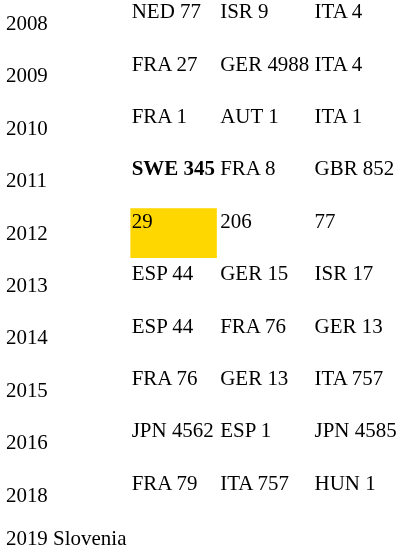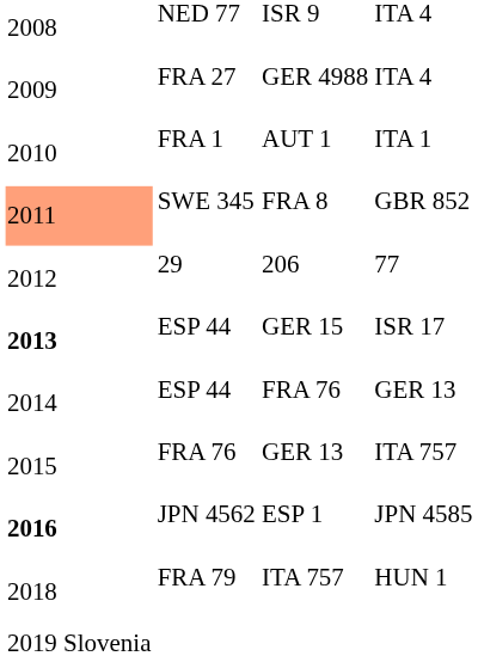 <table>
 <tr>
 <td>2008</td>
 <td>NED 77<br><br></td>
 <td>ISR 9<br><br></td>
 <td>ITA 4<br><br></td>
 </tr>
 <tr>
 <td>2009</td>
 <td>FRA 27<br><br></td>
 <td>GER 4988<br><br></td>
 <td>ITA 4<br><br></td>
 </tr>
 <tr>
 <td>2010</td>
 <td>FRA 1<br><br></td>
 <td>AUT 1<br><br></td>
 <td>ITA 1<br><br></td>
 </tr>
 <tr>
-<td>2011</td>
-<td><strong>SWE 345<br><br></strong></td>
+<td style="background: lightsalmon;">2011</td>
+<td>SWE 345<br><br></td>
 <td>FRA 8<br><br></td>
 <td>GBR 852<br><br></td>
 </tr>
 <tr>
 <td>2012</td>
-<td style="background: gold;">29<br><br></td>
+<td>29<br><br></td>
 <td>206<br><br></td>
 <td>77<br><br></td>
 <td></td>
 </tr>
 <tr>
-<td>2013</td>
+<td><strong>2013</strong></td>
 <td>ESP 44<br><br></td>
 <td>GER 15<br><br></td>
 <td>ISR 17<br><br></td>
 </tr>
 <tr>
 <td>2014</td>
 <td>ESP 44<br><br></td>
 <td>FRA 76<br><br></td>
 <td>GER 13<br><br></td>
 </tr>
 <tr>
 <td>2015</td>
 <td>FRA 76<br><br></td>
 <td>GER 13<br><br></td>
 <td>ITA 757<br><br></td>
 </tr>
 <tr>
-<td>2016</td>
+<td><strong>2016</strong></td>
 <td>JPN 4562<br><br></td>
 <td>ESP 1<br><br></td>
 <td>JPN 4585<br><br></td>
 <td></td>
 </tr>
 <tr>
 <td>2018</td>
 <td>FRA 79<br><br></td>
 <td>ITA 757<br><br></td>
 <td>HUN 1<br><br></td>
 </tr>
 <tr>
 </tr>
 <tr>
 <td>2019 Slovenia</td>
 <td><br></td>
 <td><br></td>
 <td><br></td>
 </tr>
 </table>
